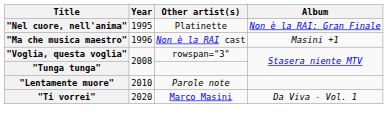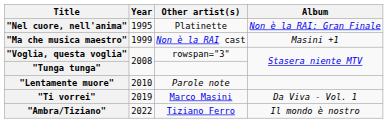 <table class="wikitable plainrowheaders" style="text-align:center;">
 <tr>
 <th>Title</th>
 <th>Year</th>
 <th>Other artist(s)</th>
 <th>Album</th>
 </tr>
 <tr>
 <th scope="row">"Nel cuore, nell'anima"</th>
 <td>1995</td>
 <td>Platinette</td>
 <td><em><a href='#'>Non è la RAI: Gran Finale</a></em></td>
 </tr>
 <tr>
 <th scope="row">"Ma che musica maestro"</th>
-<td>1996</td>
+<td>1999</td>
 <td><em><a href='#'>Non è la RAI</a></em> cast</td>
 <td><em>Masini +1</em></td>
 </tr>
 <tr>
 <th scope="row">"Voglia, questa voglia"</th>
 <td rowspan="2">2008</td>
 <td>rowspan="3" </td>
 <td rowspan="2"><em><a href='#'>Stasera niente MTV</a></em></td>
 </tr>
 <tr>
 <th scope="row">"Tunga tunga"</th>
 </tr>
 <tr>
 <th scope="row">"Lentamente muore"</th>
 <td>2010</td>
 <td><em>Parole note</em></td>
 </tr>
 <tr>
 <th scope="row">"Ti vorrei"</th>
-<td>2020</td>
+<td>2019</td>
 <td><a href='#'>Marco Masini</a></td>
 <td><em>Da Viva - Vol. 1</em></td>
 </tr>
+<tr>
+<th scope="row">"Ambra/Tiziano"</th>
+<td>2022</td>
+<td><a href='#'>Tiziano Ferro</a></td>
+<td><em>Il mondo è nostro</em></td>
+</tr>
 </table>
